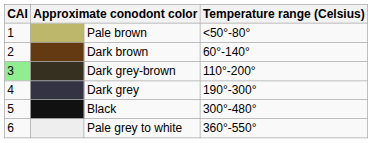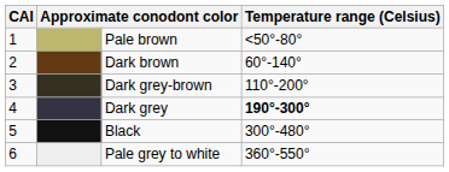 <table class="wikitable">
 <tr>
 <th>CAI</th>
 <th colspan=2>Approximate conodont color</th>
 <th>Temperature range (Celsius)</th>
 </tr>
 <tr>
 <td>1</td>
 <td style="background-color: #bdb76b; width:4em;"></td>
 <td>Pale brown</td>
 <td><50°-80°</td>
 </tr>
 <tr>
 <td>2</td>
 <td style="background-color: #633A12;"></td>
 <td>Dark brown</td>
 <td>60°-140°</td>
 </tr>
 <tr>
-<td style="background: lightgreen;">3</td>
+<td>3</td>
 <td style="background-color: #353020;"></td>
 <td>Dark grey-brown</td>
 <td>110°-200°</td>
 </tr>
 <tr>
 <td>4</td>
 <td style="background-color: #333344;"></td>
 <td>Dark grey</td>
-<td>190°-300°</td>
+<td><strong>190°-300°</strong></td>
 </tr>
 <tr>
 <td>5</td>
 <td style="background-color: #111111;"></td>
 <td>Black</td>
 <td>300°-480°</td>
 </tr>
 <tr>
 <td>6</td>
 <td style="background-color: #EEEEEE;"></td>
 <td>Pale grey to white</td>
 <td>360°-550°</td>
 </tr>
 </table>
